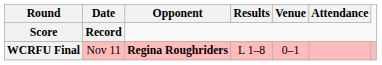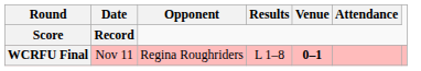 <table class="wikitable" style="text-align:center">
 <tr>
 <th>Round</th>
 <th>Date</th>
 <th>Opponent</th>
 <th>Results</th>
 <th>Venue</th>
 <th>Attendance</th>
 </tr>
 <tr>
 <th>Score</th>
 <th>Record</th>
 </tr>
 <tr style="background:#ffbbbb">
 <th>WCRFU Final</th>
 <td>Nov 11</td>
-<td><strong>Regina Roughriders</strong></td>
+<td>Regina Roughriders</td>
 <td>L 1–8</td>
-<td>0–1</td>
+<td><strong>0–1</strong></td>
 <td></td>
 <td></td>
 </tr>
 </table>
